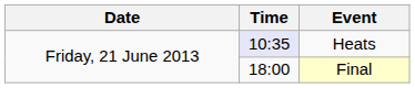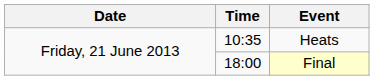 <table class = "wikitable" style="text-align:center;">
 <tr>
 <th width=220>Date</th>
 <th width=50>Time</th>
 <th width=100>Event</th>
 </tr>
 <tr>
 <td rowspan=2>Friday, 21 June 2013</td>
-<td style="background: lavender;">10:35</td>
+<td>10:35</td>
 <td>Heats</td>
 </tr>
 <tr>
 <td>18:00</td>
 <td bgcolor=ffffcc>Final</td>
 </tr>
 </table>
